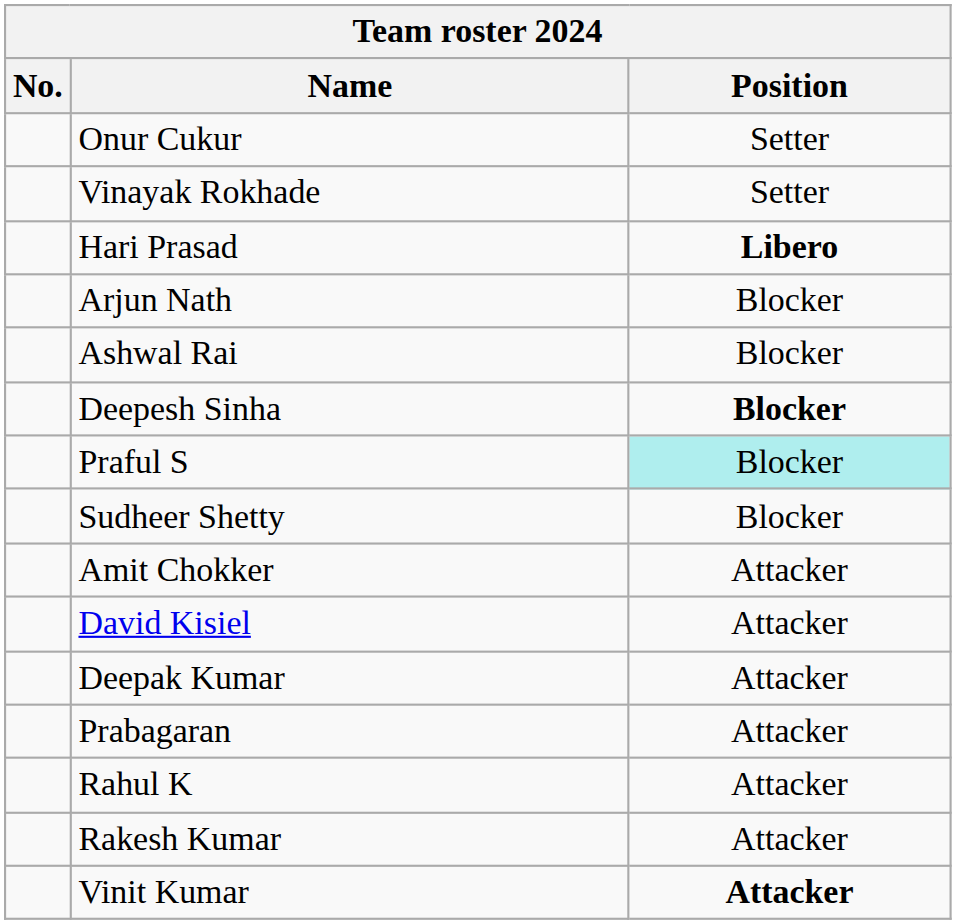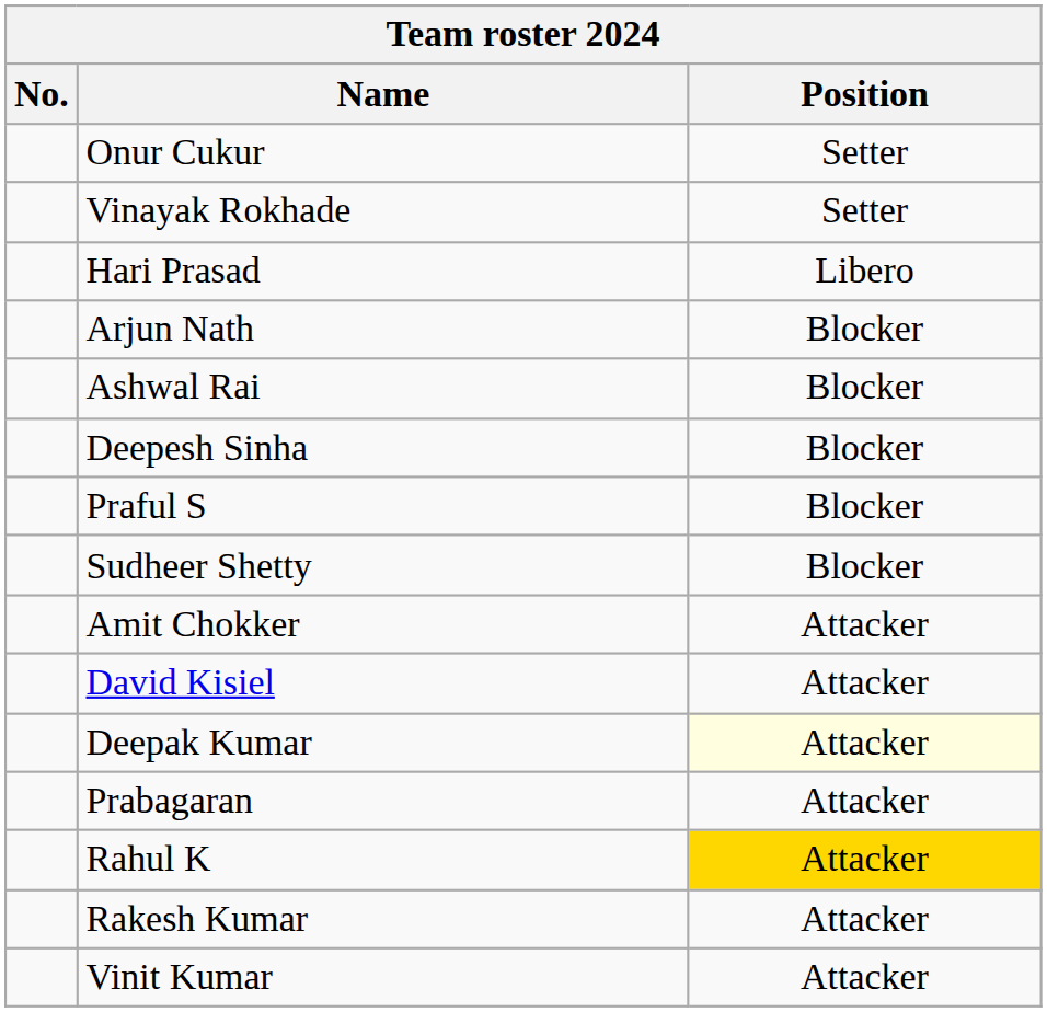 <table class="wikitable sortable" style="font-size:100%; text-align:center;">
 <tr>
 <th colspan=6>Team roster 2024</th>
 </tr>
 <tr>
 <th style=" text-align:center;">No.</th>
 <th style=" text-align:center; width:16em">Name</th>
 <th style=" text-align:center; width:9em">Position</th>
 </tr>
 <tr>
 <td></td>
 <td align=left>Onur Cukur</td>
 <td>Setter</td>
 </tr>
 <tr>
 <td></td>
 <td align=left>Vinayak Rokhade</td>
 <td>Setter</td>
 </tr>
 <tr>
 <td></td>
 <td align=left>Hari Prasad</td>
-<td><strong>Libero</strong></td>
+<td>Libero</td>
 </tr>
 <tr>
 <td></td>
 <td align=left>Arjun Nath</td>
 <td>Blocker</td>
 </tr>
 <tr>
 <td></td>
 <td align=left>Ashwal Rai</td>
 <td>Blocker</td>
 </tr>
 <tr>
 <td></td>
 <td align=left>Deepesh Sinha</td>
-<td><strong>Blocker</strong></td>
+<td>Blocker</td>
 </tr>
 <tr>
 <td></td>
 <td align=left>Praful S</td>
-<td style="background: paleturquoise;">Blocker</td>
+<td>Blocker</td>
 </tr>
 <tr>
 <td></td>
 <td align=left>Sudheer Shetty</td>
 <td>Blocker</td>
 </tr>
 <tr>
 <td></td>
 <td align=left>Amit Chokker</td>
 <td>Attacker</td>
 </tr>
 <tr>
 <td></td>
 <td align=left><a href='#'>David Kisiel</a></td>
 <td>Attacker</td>
 </tr>
 <tr>
 <td></td>
 <td align=left>Deepak Kumar</td>
-<td>Attacker</td>
+<td style="background: lightyellow;">Attacker</td>
 </tr>
 <tr>
 <td></td>
 <td align=left>Prabagaran</td>
 <td>Attacker</td>
 </tr>
 <tr>
 <td></td>
 <td align=left>Rahul K</td>
-<td>Attacker</td>
+<td style="background: gold;">Attacker</td>
 </tr>
 <tr>
 <td></td>
 <td align=left>Rakesh Kumar</td>
 <td>Attacker</td>
 </tr>
 <tr>
 <td></td>
 <td align=left>Vinit Kumar</td>
-<td><strong>Attacker</strong></td>
+<td>Attacker</td>
 </tr>
 </table>
